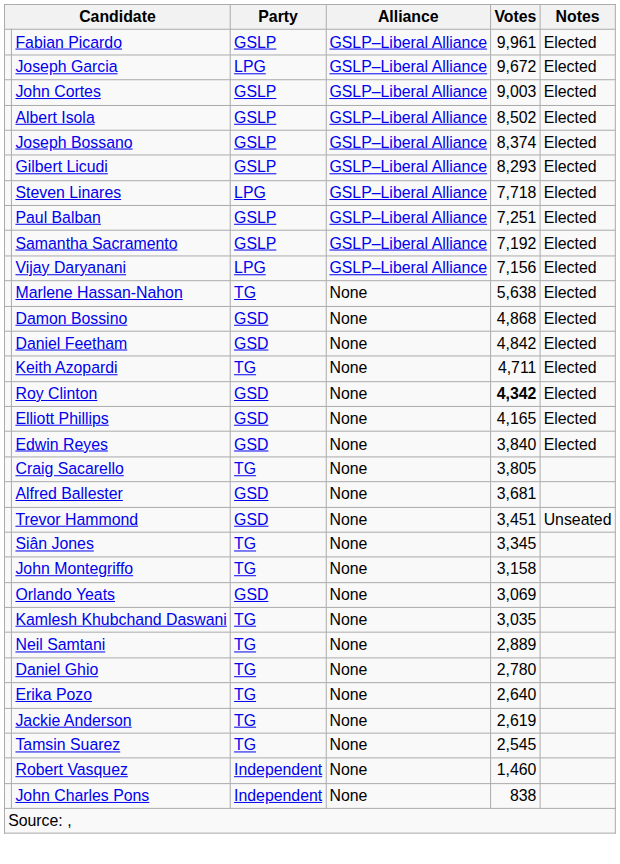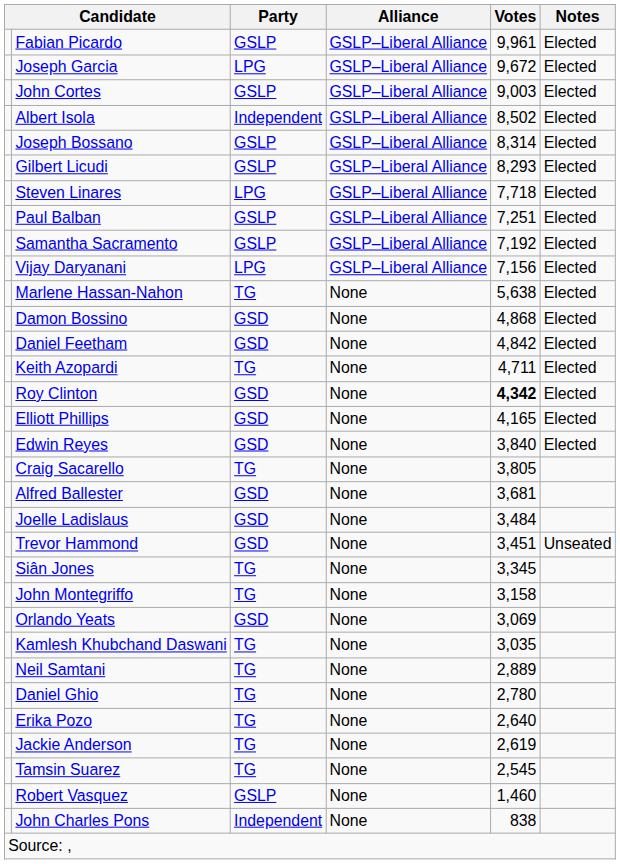 <table class=wikitable>
 <tr>
 <th colspan=2>Candidate</th>
 <th>Party</th>
 <th>Alliance</th>
 <th>Votes</th>
 <th>Notes</th>
 </tr>
 <tr>
 <td style="background-color: "></td>
 <td><a href='#'>Fabian Picardo</a></td>
 <td><a href='#'>GSLP</a></td>
 <td><a href='#'>GSLP–Liberal Alliance </a></td>
 <td align=right>9,961</td>
 <td>Elected</td>
 </tr>
 <tr>
 <td style="background-color: "></td>
 <td><a href='#'>Joseph Garcia</a></td>
 <td><a href='#'>LPG</a></td>
 <td><a href='#'>GSLP–Liberal Alliance</a></td>
 <td align=right>9,672</td>
 <td>Elected</td>
 </tr>
 <tr>
 <td style="background-color: "></td>
 <td><a href='#'>John Cortes</a></td>
 <td><a href='#'>GSLP</a></td>
 <td><a href='#'>GSLP–Liberal Alliance</a></td>
 <td align=right>9,003</td>
 <td>Elected</td>
 </tr>
 <tr>
 <td style="background-color: "></td>
 <td><a href='#'>Albert Isola</a></td>
-<td><a href='#'>GSLP</a></td>
+<td><a href='#'>Independent</a></td>
 <td><a href='#'>GSLP–Liberal Alliance</a></td>
 <td align=right>8,502</td>
 <td>Elected</td>
 </tr>
 <tr>
 <td style="background-color: "></td>
 <td><a href='#'>Joseph Bossano</a></td>
 <td><a href='#'>GSLP</a></td>
 <td><a href='#'>GSLP–Liberal Alliance</a></td>
-<td align=right>8,374</td>
+<td align=right>8,314</td>
 <td>Elected</td>
 </tr>
 <tr>
 <td style="background-color: "></td>
 <td><a href='#'>Gilbert Licudi</a></td>
 <td><a href='#'>GSLP</a></td>
 <td><a href='#'>GSLP–Liberal Alliance </a></td>
 <td align=right>8,293</td>
 <td>Elected</td>
 </tr>
 <tr>
 <td style="background-color: "></td>
 <td><a href='#'>Steven Linares</a></td>
 <td><a href='#'>LPG</a></td>
 <td><a href='#'>GSLP–Liberal Alliance</a></td>
 <td align=right>7,718</td>
 <td>Elected</td>
 </tr>
 <tr>
 <td style="background-color:  "></td>
 <td><a href='#'>Paul Balban</a></td>
 <td><a href='#'>GSLP</a></td>
 <td><a href='#'>GSLP–Liberal Alliance</a></td>
 <td align=right>7,251</td>
 <td>Elected</td>
 </tr>
 <tr>
 <td style="background-color: "></td>
 <td><a href='#'>Samantha Sacramento</a></td>
 <td><a href='#'>GSLP</a></td>
 <td><a href='#'>GSLP–Liberal Alliance</a></td>
 <td align=right>7,192</td>
 <td>Elected</td>
 </tr>
 <tr>
 <td style="background-color: "></td>
 <td><a href='#'>Vijay Daryanani</a></td>
 <td><a href='#'>LPG</a></td>
 <td><a href='#'>GSLP–Liberal Alliance </a></td>
 <td align=right>7,156</td>
 <td>Elected</td>
 </tr>
 <tr>
 <td style="background-color: "></td>
 <td><a href='#'>Marlene Hassan-Nahon</a></td>
 <td><a href='#'>TG</a></td>
 <td>None</td>
 <td align=right>5,638</td>
 <td>Elected</td>
 </tr>
 <tr>
 <td style="background-color: "></td>
 <td><a href='#'>Damon Bossino</a></td>
 <td><a href='#'>GSD</a></td>
 <td>None</td>
 <td align=right>4,868</td>
 <td>Elected</td>
 </tr>
 <tr>
 <td style="background-color: "></td>
 <td><a href='#'>Daniel Feetham</a></td>
 <td><a href='#'>GSD</a></td>
 <td>None</td>
 <td align=right>4,842</td>
 <td>Elected</td>
 </tr>
 <tr>
 <td style="background-color: "></td>
 <td><a href='#'>Keith Azopardi</a></td>
 <td><a href='#'>TG</a></td>
 <td>None</td>
 <td align=right>4,711</td>
 <td>Elected</td>
 </tr>
 <tr>
 <td style="background-color: "></td>
 <td><a href='#'>Roy Clinton</a></td>
 <td><a href='#'>GSD</a></td>
 <td>None</td>
 <td align=right><strong>4,342</strong></td>
 <td>Elected</td>
 </tr>
 <tr>
 <td style="background-color: "></td>
 <td><a href='#'>Elliott Phillips</a></td>
 <td><a href='#'>GSD</a></td>
 <td>None</td>
 <td align=right>4,165</td>
 <td>Elected</td>
 </tr>
 <tr>
 <td style="background-color: "></td>
 <td><a href='#'>Edwin Reyes</a></td>
 <td><a href='#'>GSD</a></td>
 <td>None</td>
 <td align=right>3,840</td>
 <td>Elected</td>
 </tr>
 <tr>
 <td style="background-color: "></td>
 <td><a href='#'>Craig Sacarello</a></td>
 <td><a href='#'>TG</a></td>
 <td>None</td>
 <td align=right>3,805</td>
 <td></td>
 </tr>
 <tr>
 <td style="background-color: "></td>
 <td><a href='#'>Alfred Ballester</a></td>
 <td><a href='#'>GSD</a></td>
 <td>None</td>
 <td align=right>3,681</td>
 <td></td>
 </tr>
 <tr>
 <td style="background-color: "></td>
+<td><a href='#'>Joelle Ladislaus</a></td>
+<td><a href='#'>GSD</a></td>
+<td>None</td>
+<td align=right>3,484</td>
+<td></td>
+</tr>
+<tr>
+<td style="background-color: "></td>
 <td><a href='#'>Trevor Hammond</a></td>
 <td><a href='#'>GSD</a></td>
 <td>None</td>
 <td align=right>3,451</td>
 <td>Unseated</td>
 </tr>
 <tr>
 <td style="background-color: "></td>
 <td><a href='#'>Siân Jones</a></td>
 <td><a href='#'>TG</a></td>
 <td>None</td>
 <td align=right>3,345</td>
 <td></td>
 </tr>
 <tr>
 <td style="background-color: "></td>
 <td><a href='#'>John Montegriffo</a></td>
 <td><a href='#'>TG</a></td>
 <td>None</td>
 <td align=right>3,158</td>
 <td></td>
 </tr>
 <tr>
 <td style="background-color: "></td>
 <td><a href='#'>Orlando Yeats</a></td>
 <td><a href='#'>GSD</a></td>
 <td>None</td>
 <td align=right>3,069</td>
 <td></td>
 </tr>
 <tr>
 <td style="background-color: "></td>
 <td><a href='#'>Kamlesh Khubchand Daswani</a></td>
 <td><a href='#'>TG</a></td>
 <td>None</td>
 <td align=right>3,035</td>
 <td></td>
 </tr>
 <tr>
 <td style="background-color: "></td>
 <td><a href='#'>Neil Samtani</a></td>
 <td><a href='#'>TG</a></td>
 <td>None</td>
 <td align=right>2,889</td>
 <td></td>
 </tr>
 <tr>
 <td style="background-color: "></td>
 <td><a href='#'>Daniel Ghio</a></td>
 <td><a href='#'>TG</a></td>
 <td>None</td>
 <td align=right>2,780</td>
 <td></td>
 </tr>
 <tr>
 <td style="background-color: "></td>
 <td><a href='#'>Erika Pozo</a></td>
 <td><a href='#'>TG</a></td>
 <td>None</td>
 <td align=right>2,640</td>
 <td></td>
 </tr>
 <tr>
 <td style="background-color: "></td>
 <td><a href='#'>Jackie Anderson</a></td>
 <td><a href='#'>TG</a></td>
 <td>None</td>
 <td align=right>2,619</td>
 <td></td>
 </tr>
 <tr>
 <td style="background-color: "></td>
 <td><a href='#'>Tamsin Suarez</a></td>
 <td><a href='#'>TG</a></td>
 <td>None</td>
 <td align=right>2,545</td>
 <td></td>
 </tr>
 <tr>
 <td style="background-color: "></td>
 <td><a href='#'>Robert Vasquez</a></td>
-<td><a href='#'>Independent</a></td>
+<td><a href='#'>GSLP</a></td>
 <td>None</td>
 <td align=right>1,460</td>
 <td></td>
 </tr>
 <tr>
 <td style="background-color: "></td>
 <td><a href='#'>John Charles Pons</a></td>
 <td><a href='#'>Independent</a></td>
 <td>None</td>
 <td align=right>838</td>
 <td></td>
 </tr>
 <tr>
 <td colspan=6>Source: , </td>
 </tr>
 </table>
